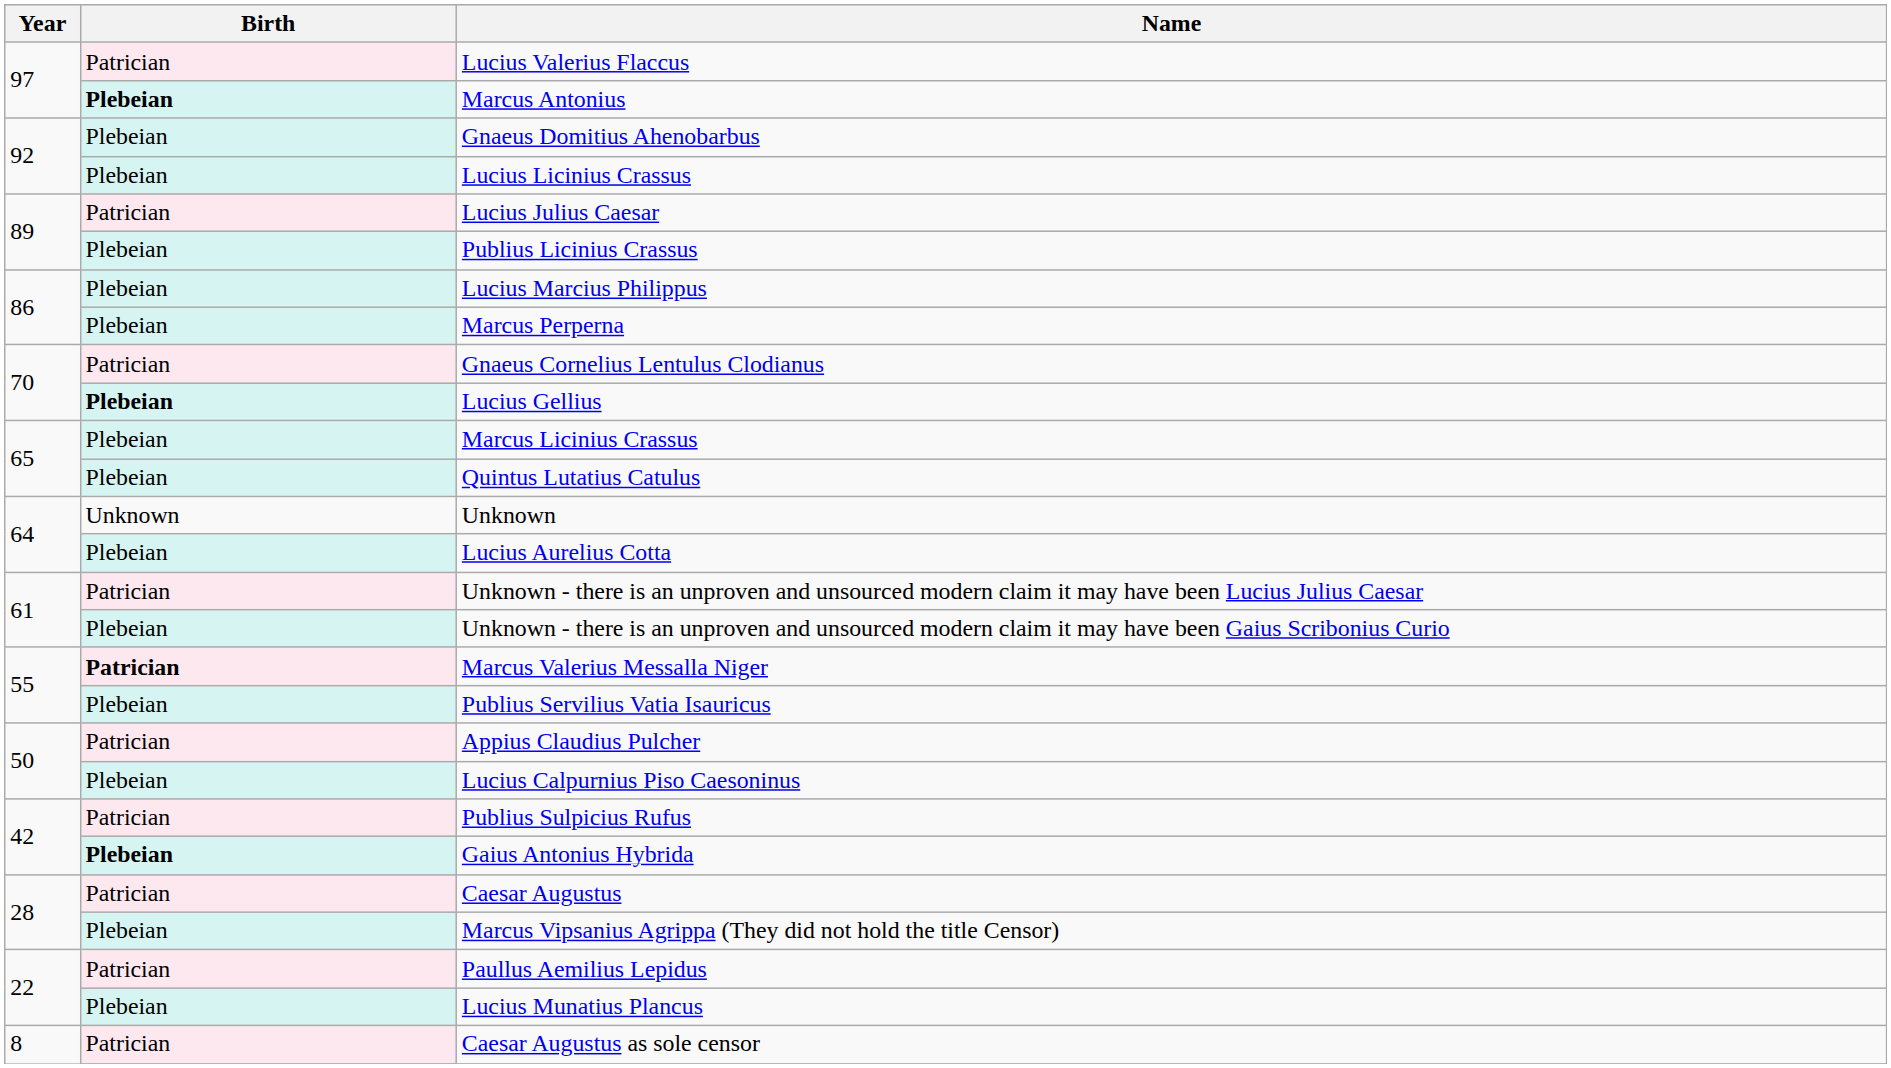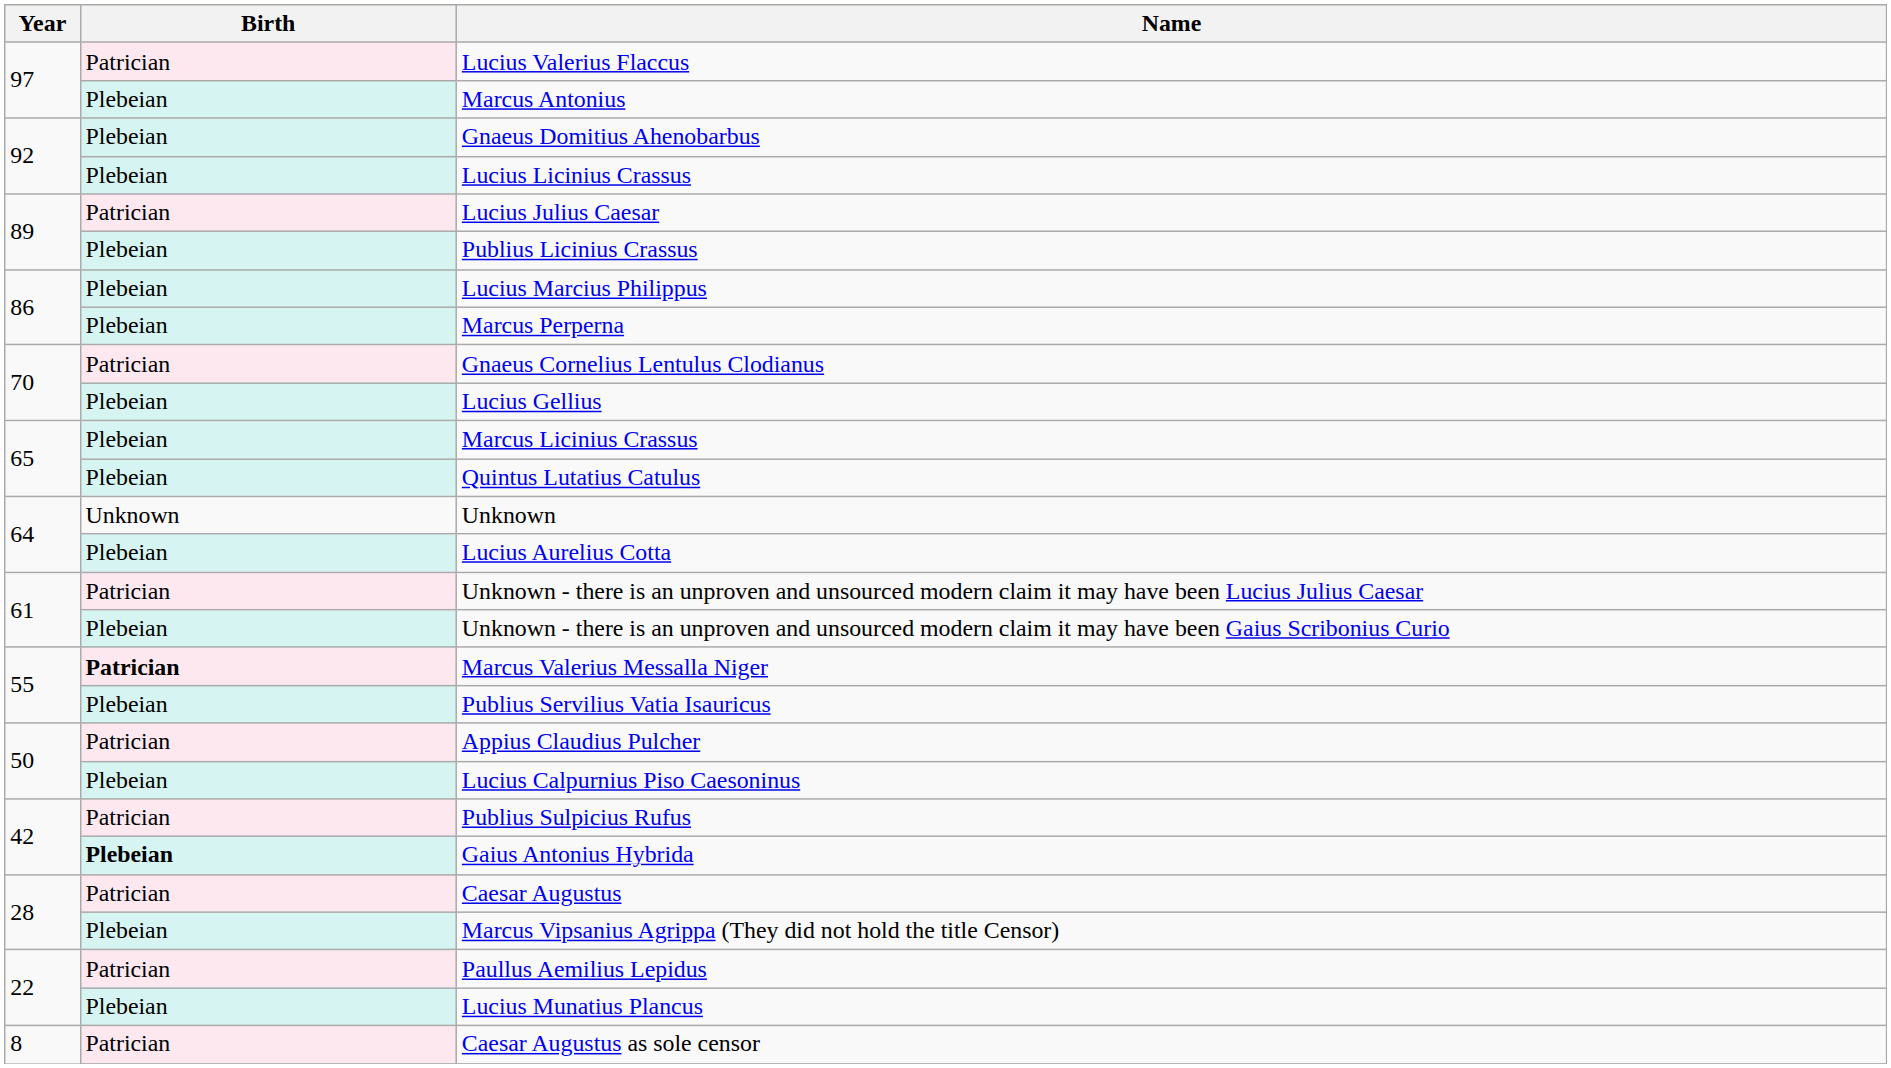 <table class="wikitable sortable"  width="100%">
 <tr bgcolor="#FFDEAD">
 <th width="4%">Year</th>
 <th width="20%">Birth</th>
 <th>Name</th>
 </tr>
 <tr>
 <td rowspan="2">97</td>
 <td style="background: #fde8f0;">Patrician</td>
 <td><a href='#'>Lucius Valerius Flaccus</a></td>
 </tr>
 <tr>
-<td style="background: #d6f5f2;"><strong>Plebeian</strong></td>
+<td style="background: #d6f5f2;">Plebeian</td>
 <td><a href='#'>Marcus Antonius</a></td>
 </tr>
 <tr>
 <td rowspan="2">92</td>
 <td style="background: #d6f5f2;">Plebeian</td>
 <td><a href='#'>Gnaeus Domitius Ahenobarbus</a></td>
 </tr>
 <tr>
 <td style="background: #d6f5f2;">Plebeian</td>
 <td><a href='#'>Lucius Licinius Crassus</a></td>
 </tr>
 <tr>
 <td rowspan="2">89</td>
 <td style="background: #fde8f0;">Patrician</td>
 <td><a href='#'>Lucius Julius Caesar</a></td>
 </tr>
 <tr>
 <td style="background: #d6f5f2;">Plebeian</td>
 <td><a href='#'>Publius Licinius Crassus</a></td>
 </tr>
 <tr>
 <td rowspan="2">86</td>
 <td style="background: #d6f5f2;">Plebeian</td>
 <td><a href='#'>Lucius Marcius Philippus</a></td>
 </tr>
 <tr>
 <td style="background: #d6f5f2;">Plebeian</td>
 <td><a href='#'>Marcus Perperna</a></td>
 </tr>
 <tr>
 <td rowspan="2">70</td>
 <td style="background: #fde8f0;">Patrician</td>
 <td><a href='#'>Gnaeus Cornelius Lentulus Clodianus</a></td>
 </tr>
 <tr>
-<td style="background: #d6f5f2;"><strong>Plebeian</strong></td>
+<td style="background: #d6f5f2;">Plebeian</td>
 <td><a href='#'>Lucius Gellius</a></td>
 </tr>
 <tr>
 <td rowspan="2">65</td>
 <td style="background: #d6f5f2;">Plebeian</td>
 <td><a href='#'>Marcus Licinius Crassus</a></td>
 </tr>
 <tr>
 <td style="background: #d6f5f2;">Plebeian</td>
 <td><a href='#'>Quintus Lutatius Catulus</a></td>
 </tr>
 <tr>
 <td rowspan="2">64</td>
 <td>Unknown</td>
 <td>Unknown</td>
 </tr>
 <tr>
 <td style="background: #d6f5f2;">Plebeian</td>
 <td><a href='#'>Lucius Aurelius Cotta</a></td>
 </tr>
 <tr>
 <td rowspan="2">61</td>
 <td style="background: #fde8f0;">Patrician</td>
 <td>Unknown - there is an unproven and unsourced modern claim it may have been <a href='#'>Lucius Julius Caesar</a></td>
 </tr>
 <tr>
 <td style="background: #d6f5f2;">Plebeian</td>
 <td>Unknown - there is an unproven and unsourced modern claim it may have been <a href='#'>Gaius Scribonius Curio</a></td>
 </tr>
 <tr>
 <td rowspan="2">55</td>
 <td style="background: #fde8f0;"><strong>Patrician</strong></td>
 <td><a href='#'>Marcus Valerius Messalla Niger</a></td>
 </tr>
 <tr>
 <td style="background: #d6f5f2;">Plebeian</td>
 <td><a href='#'>Publius Servilius Vatia Isauricus</a></td>
 </tr>
 <tr>
 <td rowspan="2">50</td>
 <td style="background: #fde8f0;">Patrician</td>
 <td><a href='#'>Appius Claudius Pulcher</a></td>
 </tr>
 <tr>
 <td style="background: #d6f5f2;">Plebeian</td>
 <td><a href='#'>Lucius Calpurnius Piso Caesoninus</a></td>
 </tr>
 <tr>
 <td rowspan="2">42</td>
 <td style="background: #fde8f0;">Patrician</td>
 <td><a href='#'>Publius Sulpicius Rufus</a></td>
 </tr>
 <tr>
 <td style="background: #d6f5f2;"><strong>Plebeian</strong></td>
 <td><a href='#'>Gaius Antonius Hybrida</a></td>
 </tr>
 <tr>
 <td rowspan="2">28</td>
 <td style="background: #fde8f0;">Patrician</td>
 <td><a href='#'>Caesar Augustus</a></td>
 </tr>
 <tr>
 <td style="background: #d6f5f2;">Plebeian</td>
 <td><a href='#'>Marcus Vipsanius Agrippa</a> (They did not hold the title Censor)</td>
 </tr>
 <tr>
 <td rowspan="2">22</td>
 <td style="background: #fde8f0;">Patrician</td>
 <td><a href='#'>Paullus Aemilius Lepidus</a></td>
 </tr>
 <tr>
 <td style="background: #d6f5f2;">Plebeian</td>
 <td><a href='#'>Lucius Munatius Plancus</a></td>
 </tr>
 <tr>
 <td rowspan="2">8</td>
 <td style="background: #fde8f0;">Patrician</td>
 <td><a href='#'>Caesar Augustus</a> as sole censor</td>
 </tr>
 <tr>
 </tr>
 </table>
